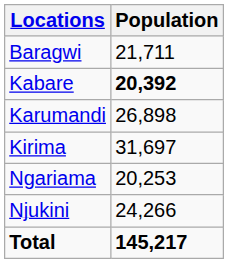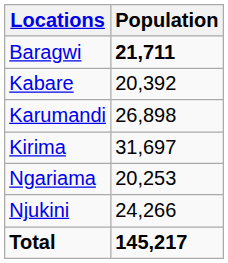 <table class="wikitable">
 <tr>
 <th><a href='#'>Locations</a></th>
 <th>Population</th>
 </tr>
 <tr>
 <td><a href='#'>Baragwi</a></td>
-<td>21,711</td>
+<td><strong>21,711</strong></td>
 </tr>
 <tr>
 <td><a href='#'>Kabare</a></td>
-<td><strong>20,392</strong></td>
+<td>20,392</td>
 </tr>
 <tr>
 <td><a href='#'>Karumandi</a></td>
 <td>26,898</td>
 </tr>
 <tr>
 <td><a href='#'>Kirima</a></td>
 <td>31,697</td>
 </tr>
 <tr>
 <td><a href='#'>Ngariama</a></td>
 <td>20,253</td>
 </tr>
 <tr>
 <td><a href='#'>Njukini</a></td>
 <td>24,266</td>
 </tr>
 <tr>
 <td><strong>Total</strong></td>
 <td><strong>145,217</strong></td>
 </tr>
 </table>
